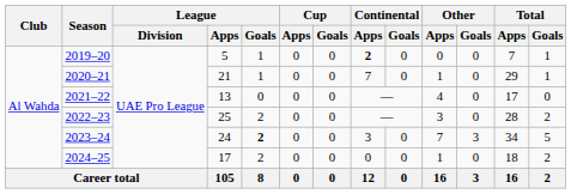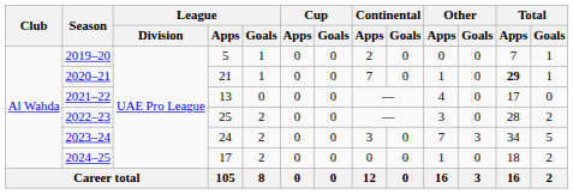 <table class="wikitable" style="text-align: center">
 <tr>
 <th rowspan="2">Club</th>
 <th rowspan="2">Season</th>
 <th colspan="3">League</th>
 <th colspan="2">Cup</th>
 <th colspan="2">Continental</th>
 <th colspan="2">Other</th>
 <th colspan="2">Total</th>
 </tr>
 <tr>
 <th>Division</th>
 <th>Apps</th>
 <th>Goals</th>
 <th>Apps</th>
 <th>Goals</th>
 <th>Apps</th>
 <th>Goals</th>
 <th>Apps</th>
 <th>Goals</th>
 <th>Apps</th>
 <th>Goals</th>
 </tr>
 <tr>
 <td rowspan="6"><a href='#'>Al Wahda</a></td>
 <td><a href='#'>2019–20</a></td>
 <td rowspan="6"><a href='#'>UAE Pro League</a></td>
 <td>5</td>
 <td>1</td>
 <td>0</td>
 <td>0</td>
-<td><strong>2</strong></td>
+<td>2</td>
 <td>0</td>
 <td>0</td>
 <td>0</td>
 <td>7</td>
 <td>1</td>
 </tr>
 <tr>
 <td><a href='#'>2020–21</a></td>
 <td>21</td>
 <td>1</td>
 <td>0</td>
 <td>0</td>
 <td>7</td>
 <td>0</td>
 <td>1</td>
 <td>0</td>
-<td>29</td>
+<td><strong>29</strong></td>
 <td>1</td>
 </tr>
 <tr>
 <td><a href='#'>2021–22</a></td>
 <td>13</td>
 <td>0</td>
 <td>0</td>
 <td>0</td>
 <td colspan="2">—</td>
 <td>4</td>
 <td>0</td>
 <td>17</td>
 <td>0</td>
 </tr>
 <tr>
 <td><a href='#'>2022–23</a></td>
 <td>25</td>
 <td>2</td>
 <td>0</td>
 <td>0</td>
 <td colspan="2">—</td>
 <td>3</td>
 <td>0</td>
 <td>28</td>
 <td>2</td>
 </tr>
 <tr>
 <td><a href='#'>2023–24</a></td>
 <td>24</td>
-<td><strong>2</strong></td>
+<td>2</td>
 <td>0</td>
 <td>0</td>
 <td>3</td>
 <td>0</td>
 <td>7</td>
 <td>3</td>
 <td>34</td>
 <td>5</td>
 </tr>
 <tr>
 <td><a href='#'>2024–25</a></td>
 <td>17</td>
 <td>2</td>
 <td>0</td>
 <td>0</td>
 <td>0</td>
 <td>0</td>
 <td>1</td>
 <td>0</td>
 <td>18</td>
 <td>2</td>
 </tr>
 <tr>
 <th colspan="3"><strong>Career total</strong></th>
 <th>105</th>
 <th>8</th>
 <th>0</th>
 <th>0</th>
 <th>12</th>
 <th>0</th>
 <th>16</th>
 <th>3</th>
 <th>16</th>
 <th>2</th>
 </tr>
 </table>
